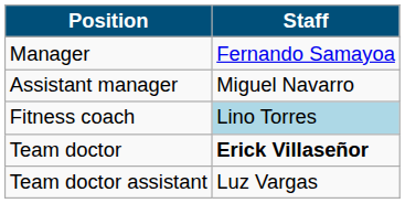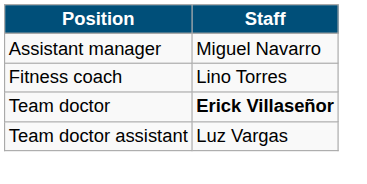 <table class="wikitable">
 <tr>
 <th style=background-color:#004F79;color:white>Position</th>
 <th style=background-color:#004F79;color:white>Staff</th>
 </tr>
 <tr>
 </tr>
 <tr>
-<td>Manager</td>
-<td> <a href='#'>Fernando Samayoa</a></td>
-</tr>
-<tr>
 <td>Assistant manager</td>
 <td> Miguel Navarro</td>
 </tr>
 <tr>
 <td>Fitness coach</td>
-<td style="background: lightblue;"> Lino Torres</td>
+<td> Lino Torres</td>
 </tr>
 <tr>
 <td>Team doctor</td>
 <td><strong> Erick Villaseñor</strong></td>
 </tr>
 <tr>
 <td>Team doctor assistant</td>
 <td> Luz Vargas</td>
 </tr>
 </table>
